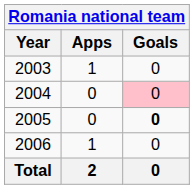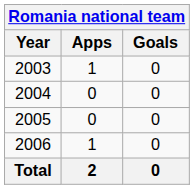 <table class="wikitable" style="text-align:center">
 <tr>
 <th colspan=3><a href='#'>Romania national team</a></th>
 </tr>
 <tr>
 <th>Year</th>
 <th>Apps</th>
 <th>Goals</th>
 </tr>
 <tr>
 <td>2003</td>
 <td>1</td>
 <td>0</td>
 </tr>
 <tr>
 <td>2004</td>
 <td>0</td>
-<td style="background: pink;">0</td>
+<td>0</td>
 </tr>
 <tr>
 <td>2005</td>
 <td>0</td>
-<td><strong>0</strong></td>
+<td>0</td>
 </tr>
 <tr>
 <td>2006</td>
 <td>1</td>
 <td>0</td>
 </tr>
 <tr>
 <th>Total</th>
 <th>2</th>
 <th>0</th>
 </tr>
 </table>
